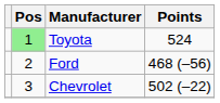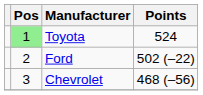 <table class="wikitable" style="font-size: 95%">
 <tr>
 <th></th>
 <th>Pos</th>
 <th>Manufacturer</th>
 <th>Points</th>
 </tr>
 <tr>
 <td align="left"></td>
 <td style="background: lightgreen; text-align:center;">1</td>
 <td><a href='#'>Toyota</a></td>
 <td style="text-align:center;">524</td>
 </tr>
 <tr>
 <td align="left"></td>
 <td style="text-align:center;">2</td>
 <td><a href='#'>Ford</a></td>
-<td style="text-align:center;">468 (–56)</td>
+<td style="text-align:center;">502 (–22)</td>
 </tr>
 <tr>
 <td align="left"></td>
 <td style="text-align:center;">3</td>
 <td><a href='#'>Chevrolet</a></td>
-<td style="text-align:center;">502 (–22)</td>
+<td style="text-align:center;">468 (–56)</td>
 </tr>
 <tr class="sortbottom">
 </tr>
 </table>
